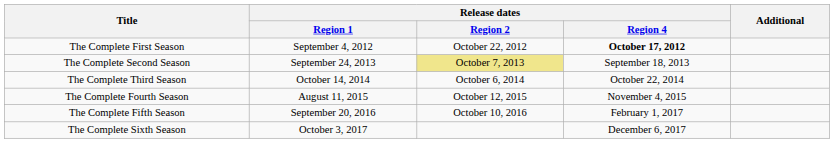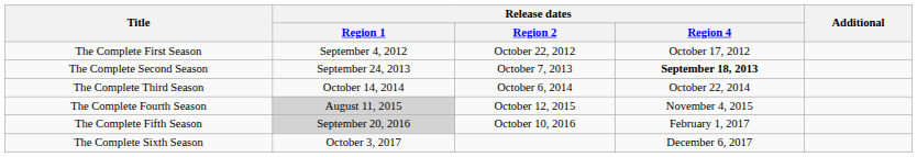 <table class="wikitable"  style="width:99%; text-align:center;">
 <tr>
 <th rowspan="2">Title</th>
 <th colspan="3">Release dates</th>
 <th rowspan="2">Additional</th>
 </tr>
 <tr>
 <th><a href='#'>Region 1</a></th>
 <th><a href='#'>Region 2</a></th>
 <th><a href='#'>Region 4</a></th>
 </tr>
 <tr>
 <td>The Complete First Season</td>
 <td>September 4, 2012</td>
 <td>October 22, 2012</td>
-<td><strong>October 17, 2012</strong></td>
+<td>October 17, 2012</td>
 <td><br></td>
 </tr>
 <tr>
 <td>The Complete Second Season</td>
 <td>September 24, 2013</td>
-<td style="background: khaki;">October 7, 2013</td>
-<td>September 18, 2013</td>
+<td>October 7, 2013</td>
+<td><strong>September 18, 2013</strong></td>
 <td><br></td>
 </tr>
 <tr>
 <td>The Complete Third Season</td>
 <td>October 14, 2014</td>
 <td>October 6, 2014</td>
 <td>October 22, 2014</td>
 <td><br></td>
 </tr>
 <tr>
 <td>The Complete Fourth Season</td>
-<td>August 11, 2015</td>
+<td style="background: lightgrey;">August 11, 2015</td>
 <td>October 12, 2015</td>
 <td>November 4, 2015</td>
 <td><br></td>
 </tr>
 <tr>
 <td>The Complete Fifth Season</td>
-<td>September 20, 2016</td>
+<td style="background: lightgrey;">September 20, 2016</td>
 <td>October 10, 2016</td>
 <td>February 1, 2017</td>
 <td><br></td>
 </tr>
 <tr>
 <td>The Complete Sixth Season</td>
 <td>October 3, 2017</td>
 <td></td>
 <td>December 6, 2017</td>
 <td><br></td>
 </tr>
 </table>
